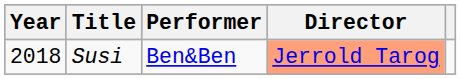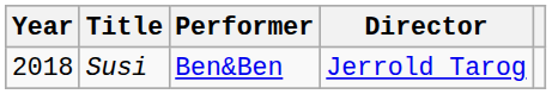 <table class="wikitable">
 <tr>
 <th>Year</th>
 <th>Title</th>
 <th>Performer</th>
 <th>Director</th>
 <th></th>
 </tr>
 <tr>
 <td rowspan="2">2018</td>
 <td><em>Susi</em></td>
 <td><a href='#'>Ben&Ben</a></td>
-<td style="background: lightsalmon;"><a href='#'>Jerrold Tarog</a></td>
+<td><a href='#'>Jerrold Tarog</a></td>
 <td></td>
 </tr>
 </table>
